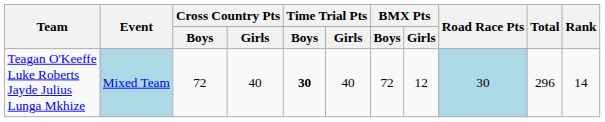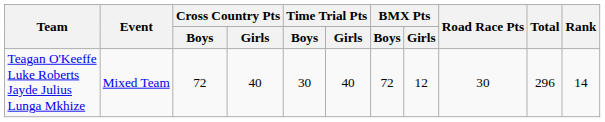 <table class="wikitable" border="1" style="font-size:90%">
 <tr>
 <th rowspan=2>Team</th>
 <th rowspan=2>Event</th>
 <th colspan=2>Cross Country Pts</th>
 <th colspan=2>Time Trial Pts</th>
 <th colspan=2>BMX Pts</th>
 <th rowspan=2>Road Race Pts</th>
 <th rowspan=2>Total</th>
 <th rowspan=2>Rank</th>
 </tr>
 <tr>
 <th>Boys</th>
 <th>Girls</th>
 <th>Boys</th>
 <th>Girls</th>
 <th>Boys</th>
 <th>Girls</th>
 </tr>
 <tr>
 <td><a href='#'>Teagan O'Keeffe</a><br><a href='#'>Luke Roberts</a><br><a href='#'>Jayde Julius</a><br><a href='#'>Lunga Mkhize</a></td>
-<td style="background: lightblue;"><a href='#'>Mixed Team</a></td>
+<td><a href='#'>Mixed Team</a></td>
 <td align=center>72</td>
 <td align=center>40</td>
-<td align=center><strong>30</strong></td>
+<td align=center>30</td>
 <td align=center>40</td>
 <td align=center>72</td>
 <td align=center>12</td>
-<td align=center style="background: lightblue;">30</td>
+<td align=center>30</td>
 <td align=center>296</td>
 <td align=center>14</td>
 </tr>
 </table>
